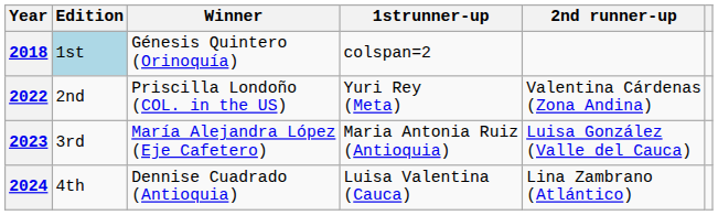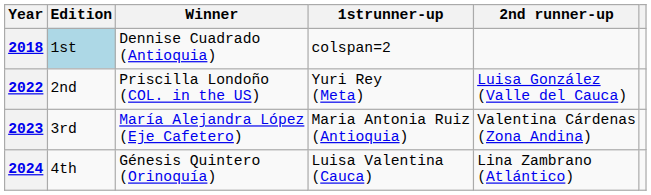 <table class="wikitable defaultcenter" style="font-size:95%;">
 <tr>
 <th>Year</th>
 <th>Edition</th>
 <th>Winner</th>
 <th>1strunner-up</th>
 <th>2nd runner-up</th>
 <th></th>
 </tr>
 <tr>
 <th><a href='#'>2018</a></th>
 <td style="background: lightblue;">1st</td>
-<td>Génesis Quintero<br>(<a href='#'>Orinoquía</a>)</td>
+<td>Dennise Cuadrado<br>(<a href='#'>Antioquia</a>)</td>
 <td>colspan=2 </td>
 <td></td>
 </tr>
 <tr>
 <th><a href='#'>2022</a></th>
 <td>2nd</td>
 <td>Priscilla Londoño<br>(<a href='#'>COL. in the US</a>)</td>
 <td>Yuri Rey<br>(<a href='#'>Meta</a>)</td>
-<td>Valentina Cárdenas<br>(<a href='#'>Zona Andina</a>)</td>
+<td><a href='#'>Luisa González</a><br>(<a href='#'>Valle del Cauca</a>)</td>
 <td></td>
 </tr>
 <tr>
 <th><a href='#'>2023</a></th>
 <td>3rd</td>
 <td><a href='#'>María Alejandra López</a><br>(<a href='#'>Eje Cafetero</a>)</td>
 <td>Maria Antonia Ruiz<br>(<a href='#'>Antioquia</a>)</td>
-<td><a href='#'>Luisa González</a><br>(<a href='#'>Valle del Cauca</a>)</td>
+<td>Valentina Cárdenas<br>(<a href='#'>Zona Andina</a>)</td>
 <td></td>
 </tr>
 <tr>
 <th><a href='#'>2024</a></th>
 <td>4th</td>
-<td>Dennise Cuadrado<br>(<a href='#'>Antioquia</a>)</td>
+<td>Génesis Quintero<br>(<a href='#'>Orinoquía</a>)</td>
 <td>Luisa Valentina<br>(<a href='#'>Cauca</a>)</td>
 <td>Lina Zambrano<br>(<a href='#'>Atlántico</a>)</td>
 <td></td>
 </tr>
 </table>
